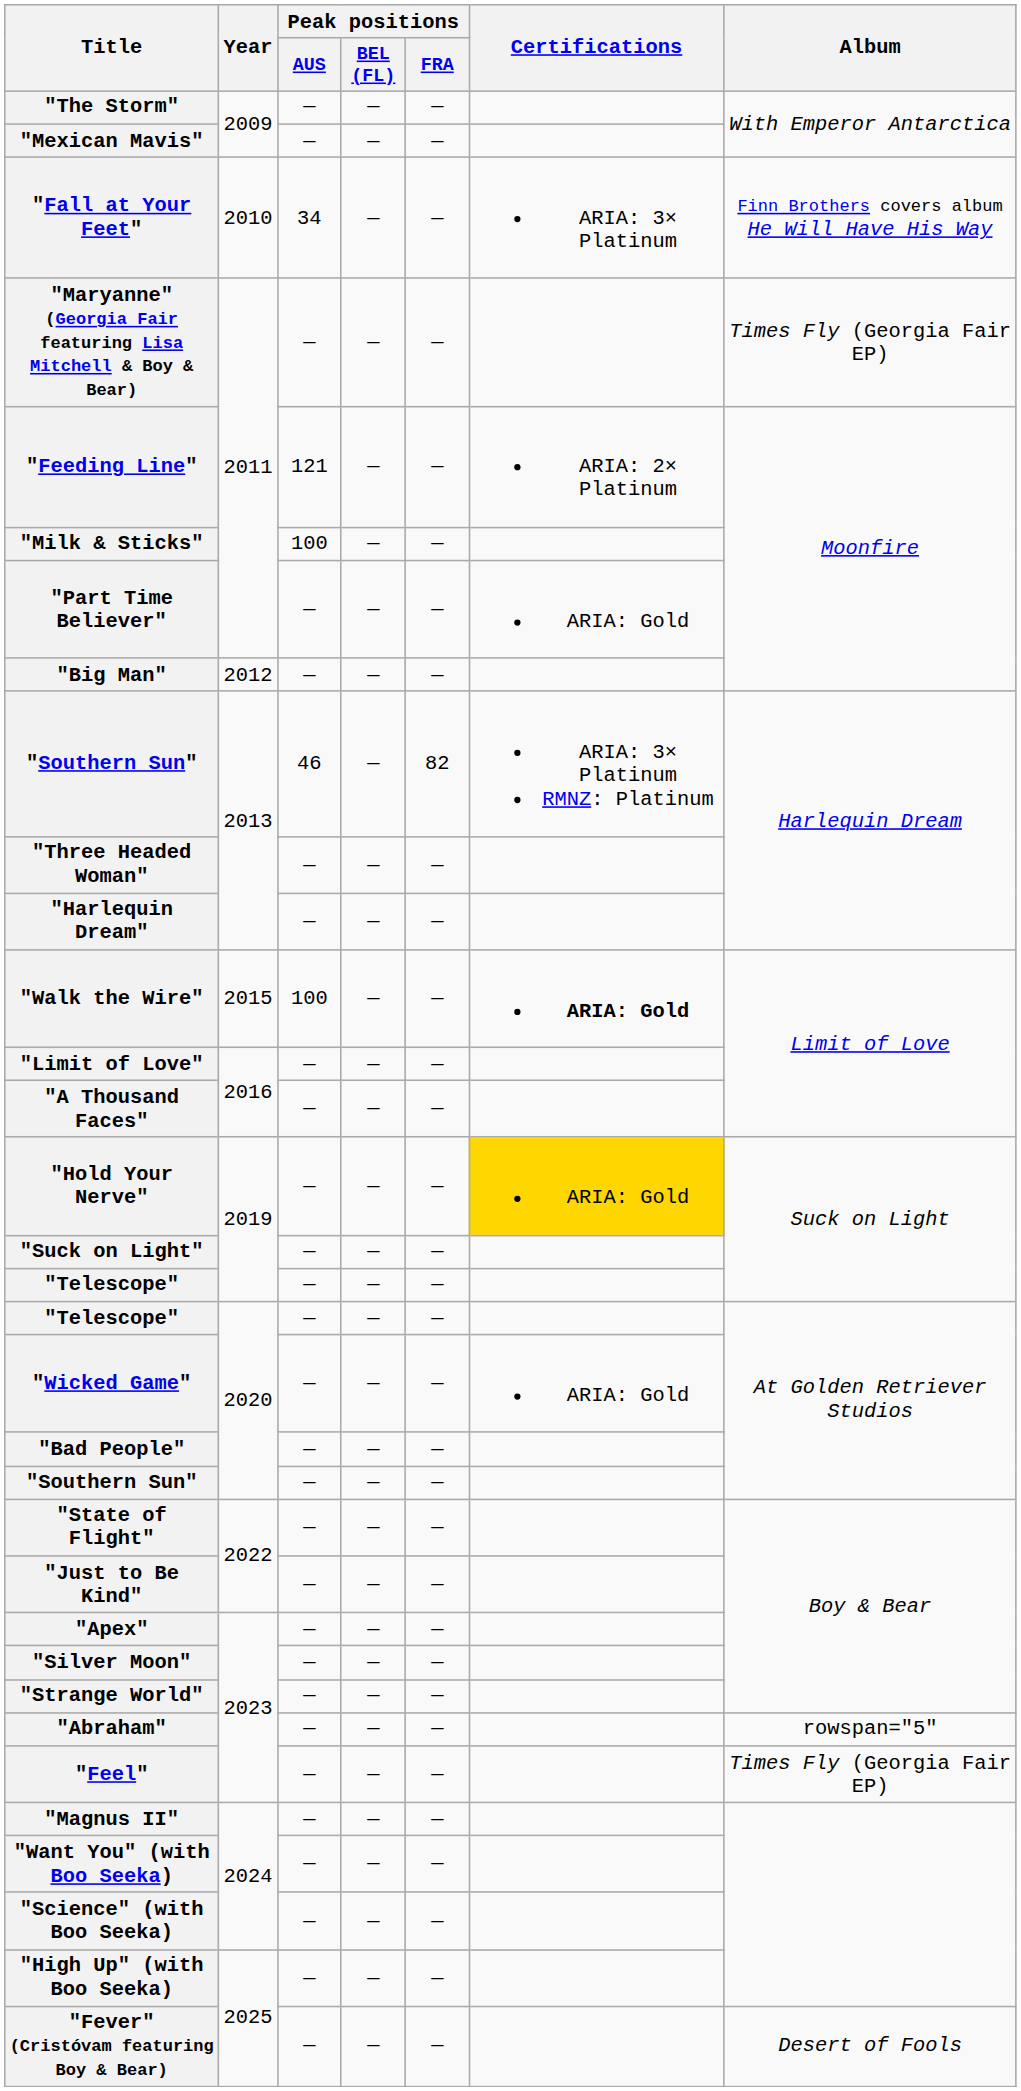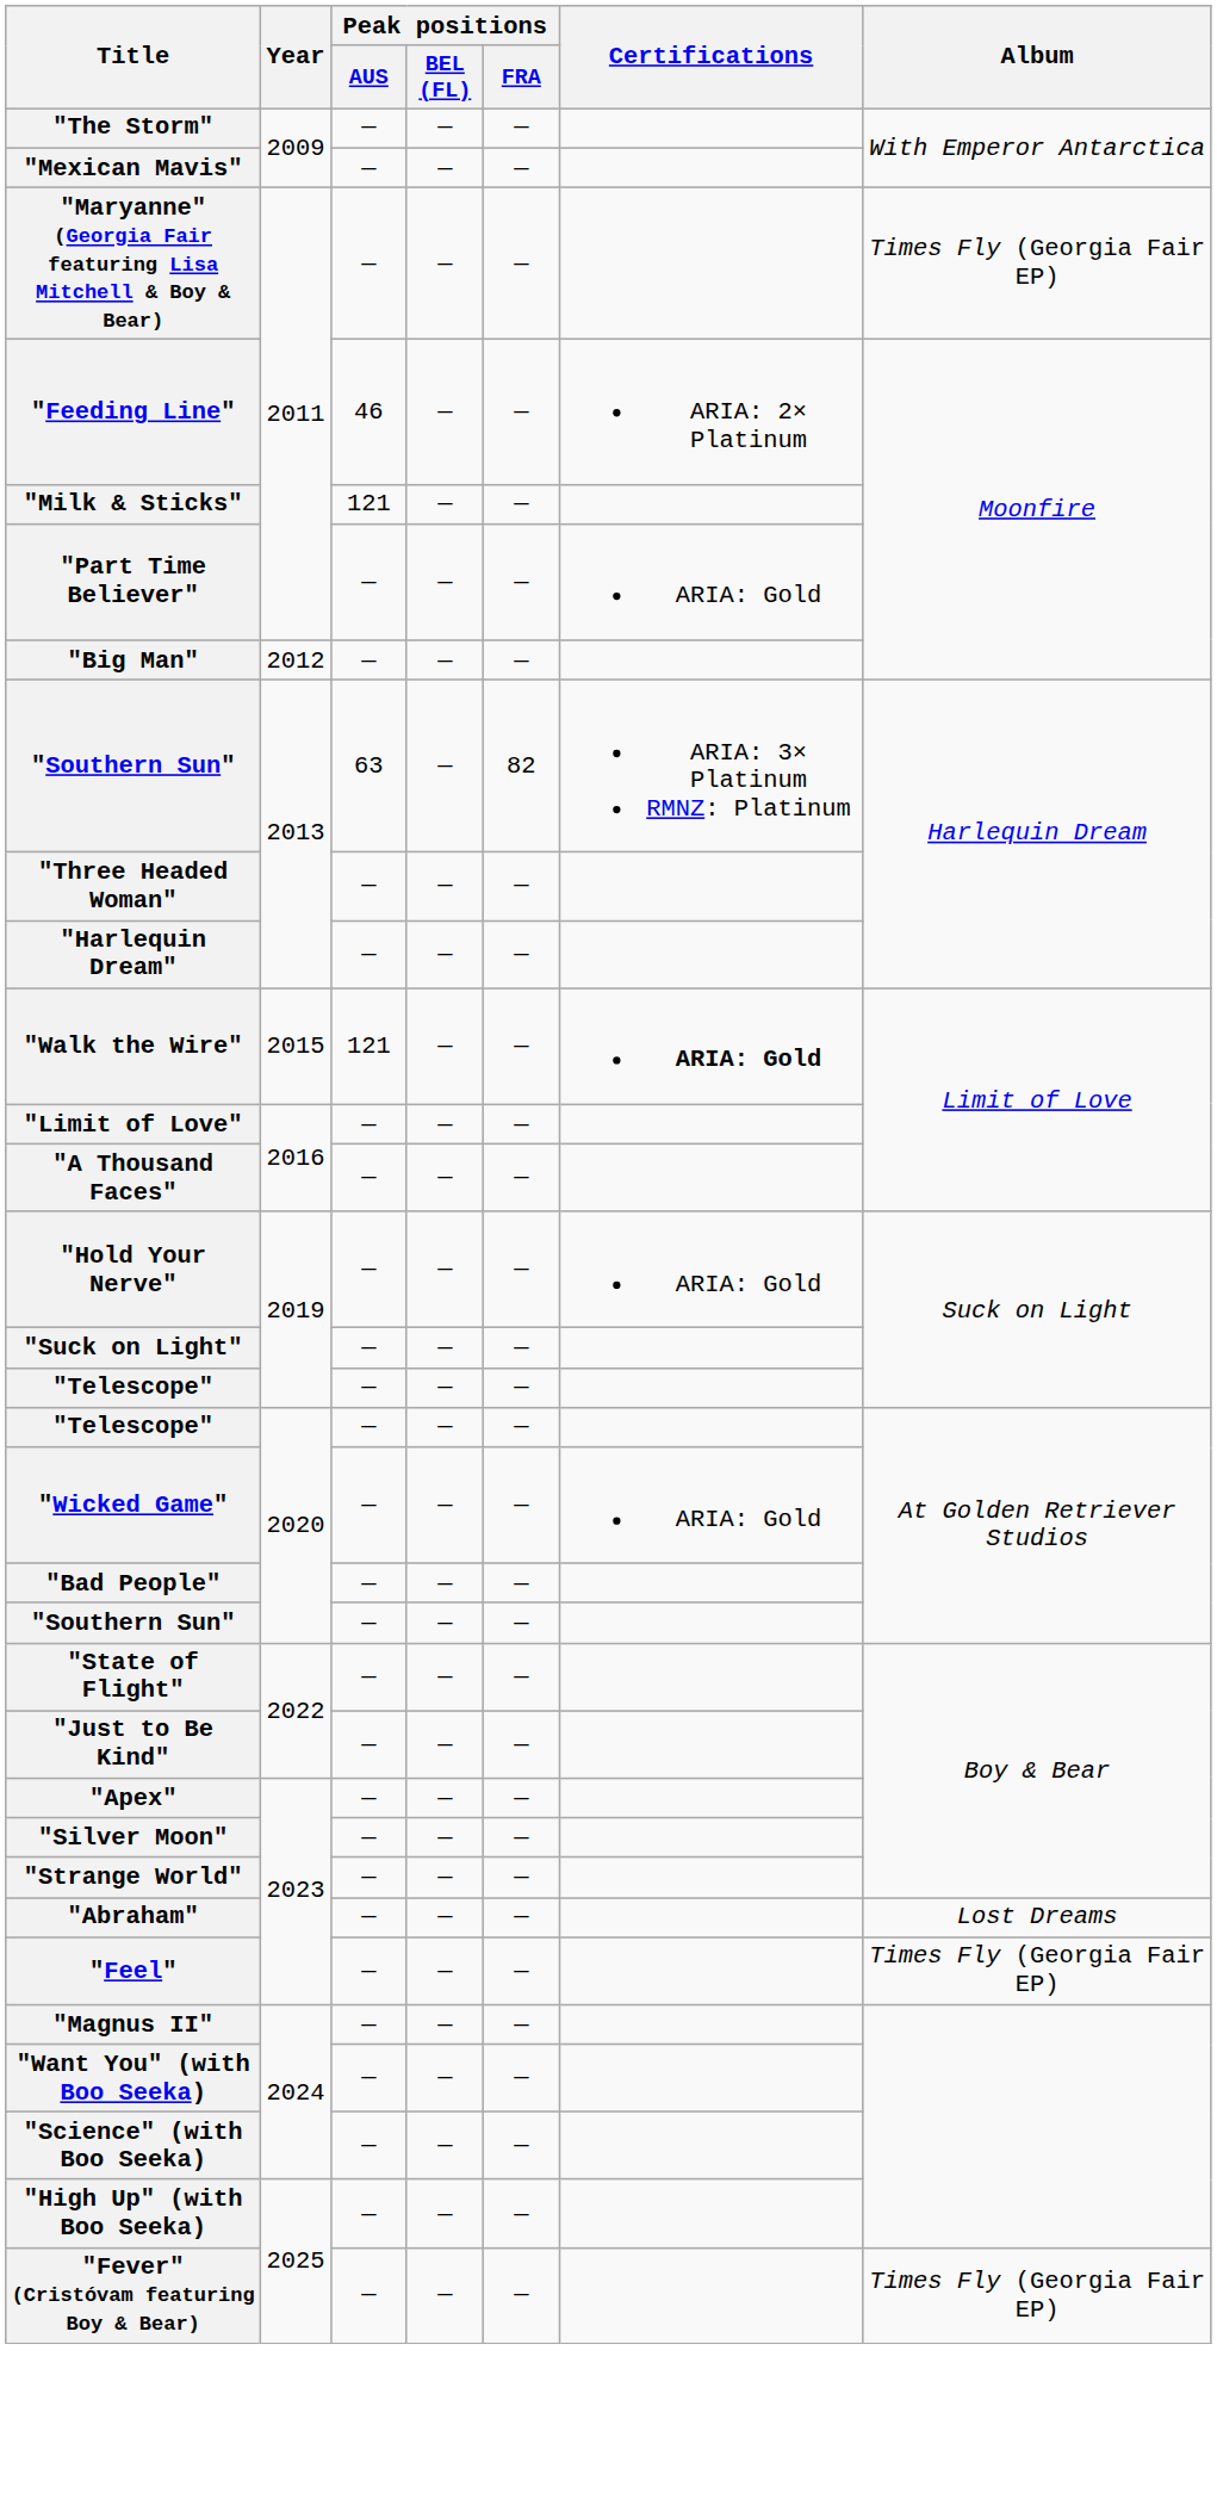 <table class="wikitable plainrowheaders" style="text-align:center;">
 <tr>
 <th scope="col" rowspan="2" width="130">Title</th>
 <th scope="col" rowspan="2" width="1em">Year</th>
 <th scope="col" colspan="3" width="20">Peak positions</th>
 <th scope="col" rowspan="2" style="width:12em;"><a href='#'>Certifications</a></th>
 <th scope="col" rowspan="2" width="180">Album</th>
 </tr>
 <tr>
 <th scope="col" style="width:3em;font-size:90%;"><a href='#'>AUS</a><br></th>
 <th scope="col" style="width:3em;font-size:90%;"><a href='#'>BEL (FL)</a><br></th>
 <th scope="col" style="width:3em;font-size:90%;"><a href='#'>FRA</a><br></th>
 </tr>
 <tr>
 <th scope="row">"The Storm"</th>
 <td rowspan=2>2009</td>
 <td>—</td>
 <td>—</td>
 <td>—</td>
 <td></td>
 <td rowspan=2><em>With Emperor Antarctica</em></td>
 </tr>
 <tr>
 <th scope="row">"Mexican Mavis"</th>
 <td>—</td>
 <td>—</td>
 <td>—</td>
 <td></td>
 </tr>
 <tr>
-<th scope="row">"<a href='#'>Fall at Your Feet</a>"</th>
-<td>2010</td>
-<td>34</td>
-<td>—</td>
-<td>—</td>
-<td><br><ul><li>ARIA: 3× Platinum</li></ul></td>
-<td><small><a href='#'>Finn Brothers</a> covers album</small> <br> <em><a href='#'>He Will Have His Way</a></em></td>
-</tr>
-<tr>
 <th scope="row">"Maryanne" <small>(<a href='#'>Georgia Fair</a> featuring <a href='#'>Lisa Mitchell</a> & Boy & Bear)</small></th>
 <td rowspan=4>2011</td>
 <td>—</td>
 <td>—</td>
 <td>—</td>
 <td></td>
 <td><em>Times Fly</em> (Georgia Fair EP)</td>
 </tr>
 <tr>
 <th scope="row">"<a href='#'>Feeding Line</a>"</th>
-<td>121</td>
+<td>46</td>
 <td>—</td>
 <td>—</td>
 <td><br><ul><li>ARIA: 2× Platinum</li></ul></td>
 <td rowspan=4><em><a href='#'>Moonfire</a></em></td>
 </tr>
 <tr>
 <th scope="row">"Milk & Sticks"</th>
-<td>100</td>
+<td>121</td>
 <td>—</td>
 <td>—</td>
 <td></td>
 </tr>
 <tr>
 <th scope="row">"Part Time Believer"</th>
 <td>—</td>
 <td>—</td>
 <td>—</td>
 <td><br><ul><li>ARIA: Gold</li></ul></td>
 </tr>
 <tr>
 <th scope="row">"Big Man"</th>
 <td>2012</td>
 <td>—</td>
 <td>—</td>
 <td>—</td>
 <td></td>
 </tr>
 <tr>
 <th scope="row">"<a href='#'>Southern Sun</a>"</th>
 <td rowspan=3>2013</td>
-<td>46</td>
+<td>63</td>
 <td>—</td>
 <td>82</td>
 <td><br><ul><li>ARIA: 3× Platinum</li><li><a href='#'>RMNZ</a>: Platinum</li></ul></td>
 <td rowspan=3><em><a href='#'>Harlequin Dream</a></em></td>
 </tr>
 <tr>
 <th scope="row">"Three Headed Woman"</th>
 <td>—</td>
 <td>—</td>
 <td>—</td>
 <td></td>
 </tr>
 <tr>
 <th scope="row">"Harlequin Dream"</th>
 <td>—</td>
 <td>—</td>
 <td>—</td>
 <td></td>
 </tr>
 <tr>
 <th scope="row">"Walk the Wire"</th>
 <td>2015</td>
-<td>100</td>
+<td>121</td>
 <td>—</td>
 <td>—</td>
 <td><strong><br><ul><li>ARIA: Gold</li></ul></strong></td>
 <td rowspan=3><em><a href='#'>Limit of Love</a></em></td>
 </tr>
 <tr>
 <th scope="row">"Limit of Love"</th>
 <td rowspan=2>2016</td>
 <td>—</td>
 <td>—</td>
 <td>—</td>
 <td></td>
 </tr>
 <tr>
 <th scope="row">"A Thousand Faces"</th>
 <td>—</td>
 <td>—</td>
 <td>—</td>
 <td></td>
 </tr>
 <tr>
 <th scope="row">"Hold Your Nerve"</th>
 <td rowspan=3>2019</td>
 <td>—</td>
 <td>—</td>
 <td>—</td>
-<td style="background: gold;"><br><ul><li>ARIA: Gold</li></ul></td>
+<td><br><ul><li>ARIA: Gold</li></ul></td>
 <td rowspan=3><em>Suck on Light</em></td>
 </tr>
 <tr>
 <th scope="row">"Suck on Light"</th>
 <td>—</td>
 <td>—</td>
 <td>—</td>
 <td></td>
 </tr>
 <tr>
 <th scope="row">"Telescope"</th>
 <td>—</td>
 <td>—</td>
 <td>—</td>
 <td></td>
 </tr>
 <tr>
 <th scope="row">"Telescope" </th>
 <td rowspan=4>2020</td>
 <td>—</td>
 <td>—</td>
 <td>—</td>
 <td></td>
 <td rowspan=4><em>At Golden Retriever Studios</em></td>
 </tr>
 <tr>
 <th scope="row">"<a href='#'>Wicked Game</a>"</th>
 <td>—</td>
 <td>—</td>
 <td>—</td>
 <td><br><ul><li>ARIA: Gold</li></ul></td>
 </tr>
 <tr>
 <th scope="row">"Bad People" </th>
 <td>—</td>
 <td>—</td>
 <td>—</td>
 <td></td>
 </tr>
 <tr>
 <th scope="row">"Southern Sun" </th>
 <td>—</td>
 <td>—</td>
 <td>—</td>
 <td></td>
 </tr>
 <tr>
 <th scope="row">"State of Flight" </th>
 <td style="text-align:center;" rowspan=2>2022</td>
 <td>—</td>
 <td>—</td>
 <td>—</td>
 <td></td>
 <td rowspan=5><em>Boy & Bear</em></td>
 </tr>
 <tr>
 <th scope="row">"Just to Be Kind"</th>
 <td>—</td>
 <td>—</td>
 <td>—</td>
 <td></td>
 </tr>
 <tr>
 <th scope="row">"Apex"</th>
 <td rowspan=5>2023</td>
 <td>—</td>
 <td>—</td>
 <td>—</td>
 <td></td>
 </tr>
 <tr>
 <th scope="row">"Silver Moon"</th>
 <td>—</td>
 <td>—</td>
 <td>—</td>
 <td></td>
 </tr>
 <tr>
 <th scope="row">"Strange World"</th>
 <td>—</td>
 <td>—</td>
 <td>—</td>
 <td></td>
 </tr>
 <tr>
 <th scope="row">"Abraham"</th>
 <td>—</td>
 <td>—</td>
 <td>—</td>
 <td></td>
-<td>rowspan="5" </td>
+<td><em>Lost Dreams</em></td>
 </tr>
 <tr>
 <th scope="row">"<a href='#'>Feel</a>"</th>
 <td>—</td>
 <td>—</td>
 <td>—</td>
 <td></td>
 <td><em>Times Fly</em> (Georgia Fair EP)</td>
 </tr>
 <tr>
 <th scope="row">"Magnus II"</th>
 <td rowspan=3>2024</td>
 <td>—</td>
 <td>—</td>
 <td>—</td>
 <td></td>
 </tr>
 <tr>
 <th scope="row">"Want You" (with <a href='#'>Boo Seeka</a>)</th>
 <td>—</td>
 <td>—</td>
 <td>—</td>
 <td></td>
 </tr>
 <tr>
 <th scope="row">"Science" (with Boo Seeka)</th>
 <td>—</td>
 <td>—</td>
 <td>—</td>
 <td></td>
 </tr>
 <tr>
 <th scope="row">"High Up" (with Boo Seeka)</th>
 <td rowspan=2>2025</td>
 <td>—</td>
 <td>—</td>
 <td>—</td>
 <td></td>
 </tr>
 <tr>
 <th scope="row">"Fever" <br><small>(Cristóvam featuring Boy & Bear)</small></th>
 <td>—</td>
 <td>—</td>
 <td>—</td>
 <td></td>
-<td><em>Desert of Fools</em></td>
+<td><em>Times Fly</em> (Georgia Fair EP)</td>
 </tr>
 </table>
